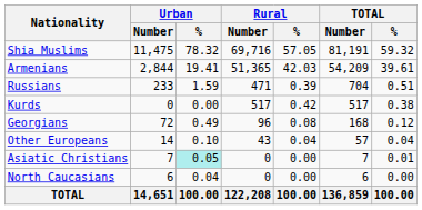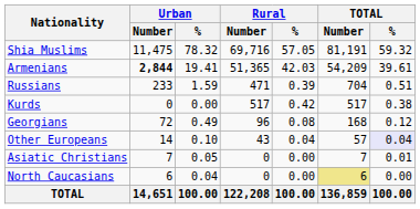 <table class="wikitable sortable">
 <tr>
 <th rowspan="2">Nationality</th>
 <th colspan="2"><a href='#'>Urban</a></th>
 <th colspan="2"><a href='#'>Rural</a></th>
 <th colspan="2">TOTAL</th>
 </tr>
 <tr>
 <th>Number</th>
 <th>%</th>
 <th>Number</th>
 <th>%</th>
 <th>Number</th>
 <th>%</th>
 </tr>
 <tr>
 <td><a href='#'>Shia Muslims</a></td>
 <td align="right">11,475</td>
 <td align="right">78.32</td>
 <td align="right">69,716</td>
 <td align="right">57.05</td>
 <td align="right">81,191</td>
 <td align="right">59.32</td>
 </tr>
 <tr>
 <td><a href='#'>Armenians</a></td>
-<td align="right">2,844</td>
+<td align="right"><strong>2,844</strong></td>
 <td align="right">19.41</td>
 <td align="right">51,365</td>
 <td align="right">42.03</td>
 <td align="right">54,209</td>
 <td align="right">39.61</td>
 </tr>
 <tr>
 <td><a href='#'>Russians</a></td>
 <td align="right">233</td>
 <td align="right">1.59</td>
 <td align="right">471</td>
 <td align="right">0.39</td>
 <td align="right">704</td>
 <td align="right">0.51</td>
 </tr>
 <tr>
 <td><a href='#'>Kurds</a></td>
 <td align="right">0</td>
 <td align="right">0.00</td>
 <td align="right">517</td>
 <td align="right">0.42</td>
 <td align="right">517</td>
 <td align="right">0.38</td>
 </tr>
 <tr>
 <td><a href='#'>Georgians</a></td>
 <td align="right">72</td>
 <td align="right">0.49</td>
 <td align="right">96</td>
 <td align="right">0.08</td>
 <td align="right">168</td>
 <td align="right">0.12</td>
 </tr>
 <tr>
 <td><a href='#'>Other Europeans</a></td>
 <td align="right">14</td>
 <td align="right">0.10</td>
 <td align="right">43</td>
 <td align="right">0.04</td>
 <td align="right">57</td>
-<td align="right">0.04</td>
+<td align="right" style="background: lavender;">0.04</td>
 </tr>
 <tr>
 <td><a href='#'>Asiatic Christians</a></td>
 <td align="right">7</td>
-<td align="right" style="background: paleturquoise;">0.05</td>
+<td align="right">0.05</td>
 <td align="right">0</td>
 <td align="right">0.00</td>
 <td align="right">7</td>
 <td align="right">0.01</td>
 </tr>
 <tr>
 <td><a href='#'>North Caucasians</a></td>
 <td align="right">6</td>
 <td align="right">0.04</td>
 <td align="right">0</td>
 <td align="right">0.00</td>
-<td align="right">6</td>
+<td align="right" style="background: khaki;">6</td>
 <td align="right">0.00</td>
 </tr>
 <tr>
 <th>TOTAL</th>
 <th>14,651</th>
 <th>100.00</th>
 <th>122,208</th>
 <th>100.00</th>
 <th>136,859</th>
 <th>100.00</th>
 </tr>
 </table>
